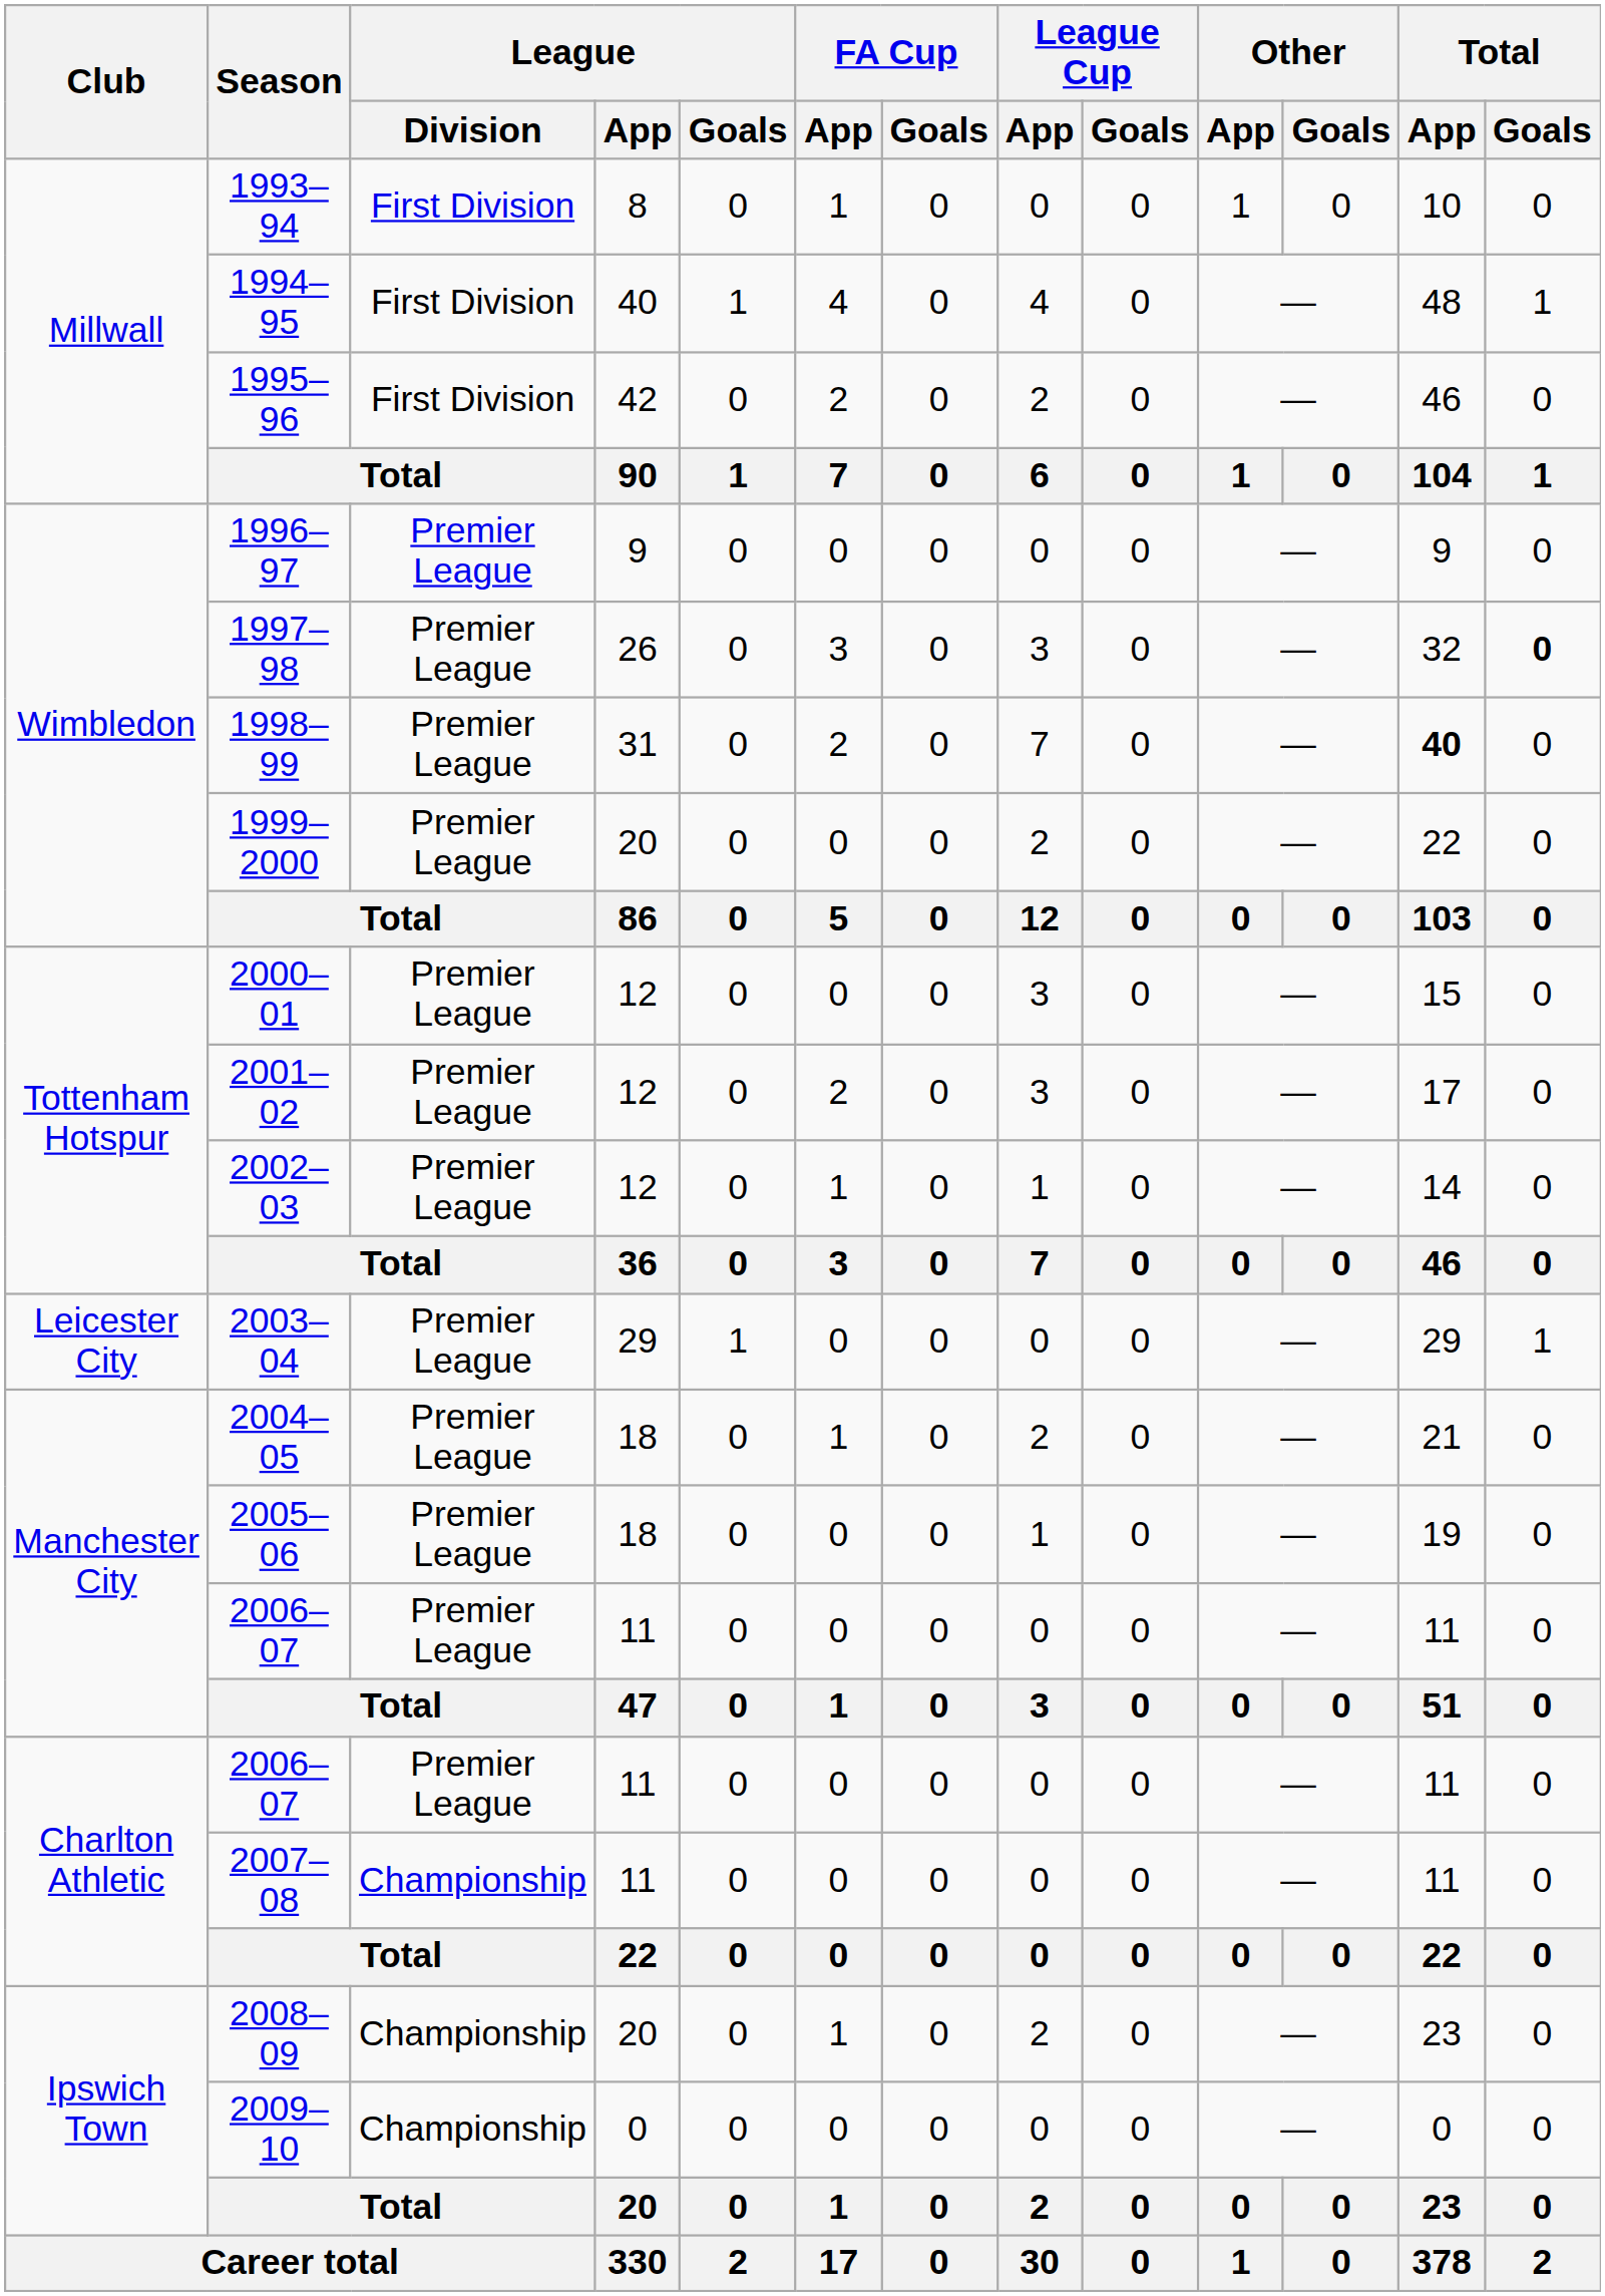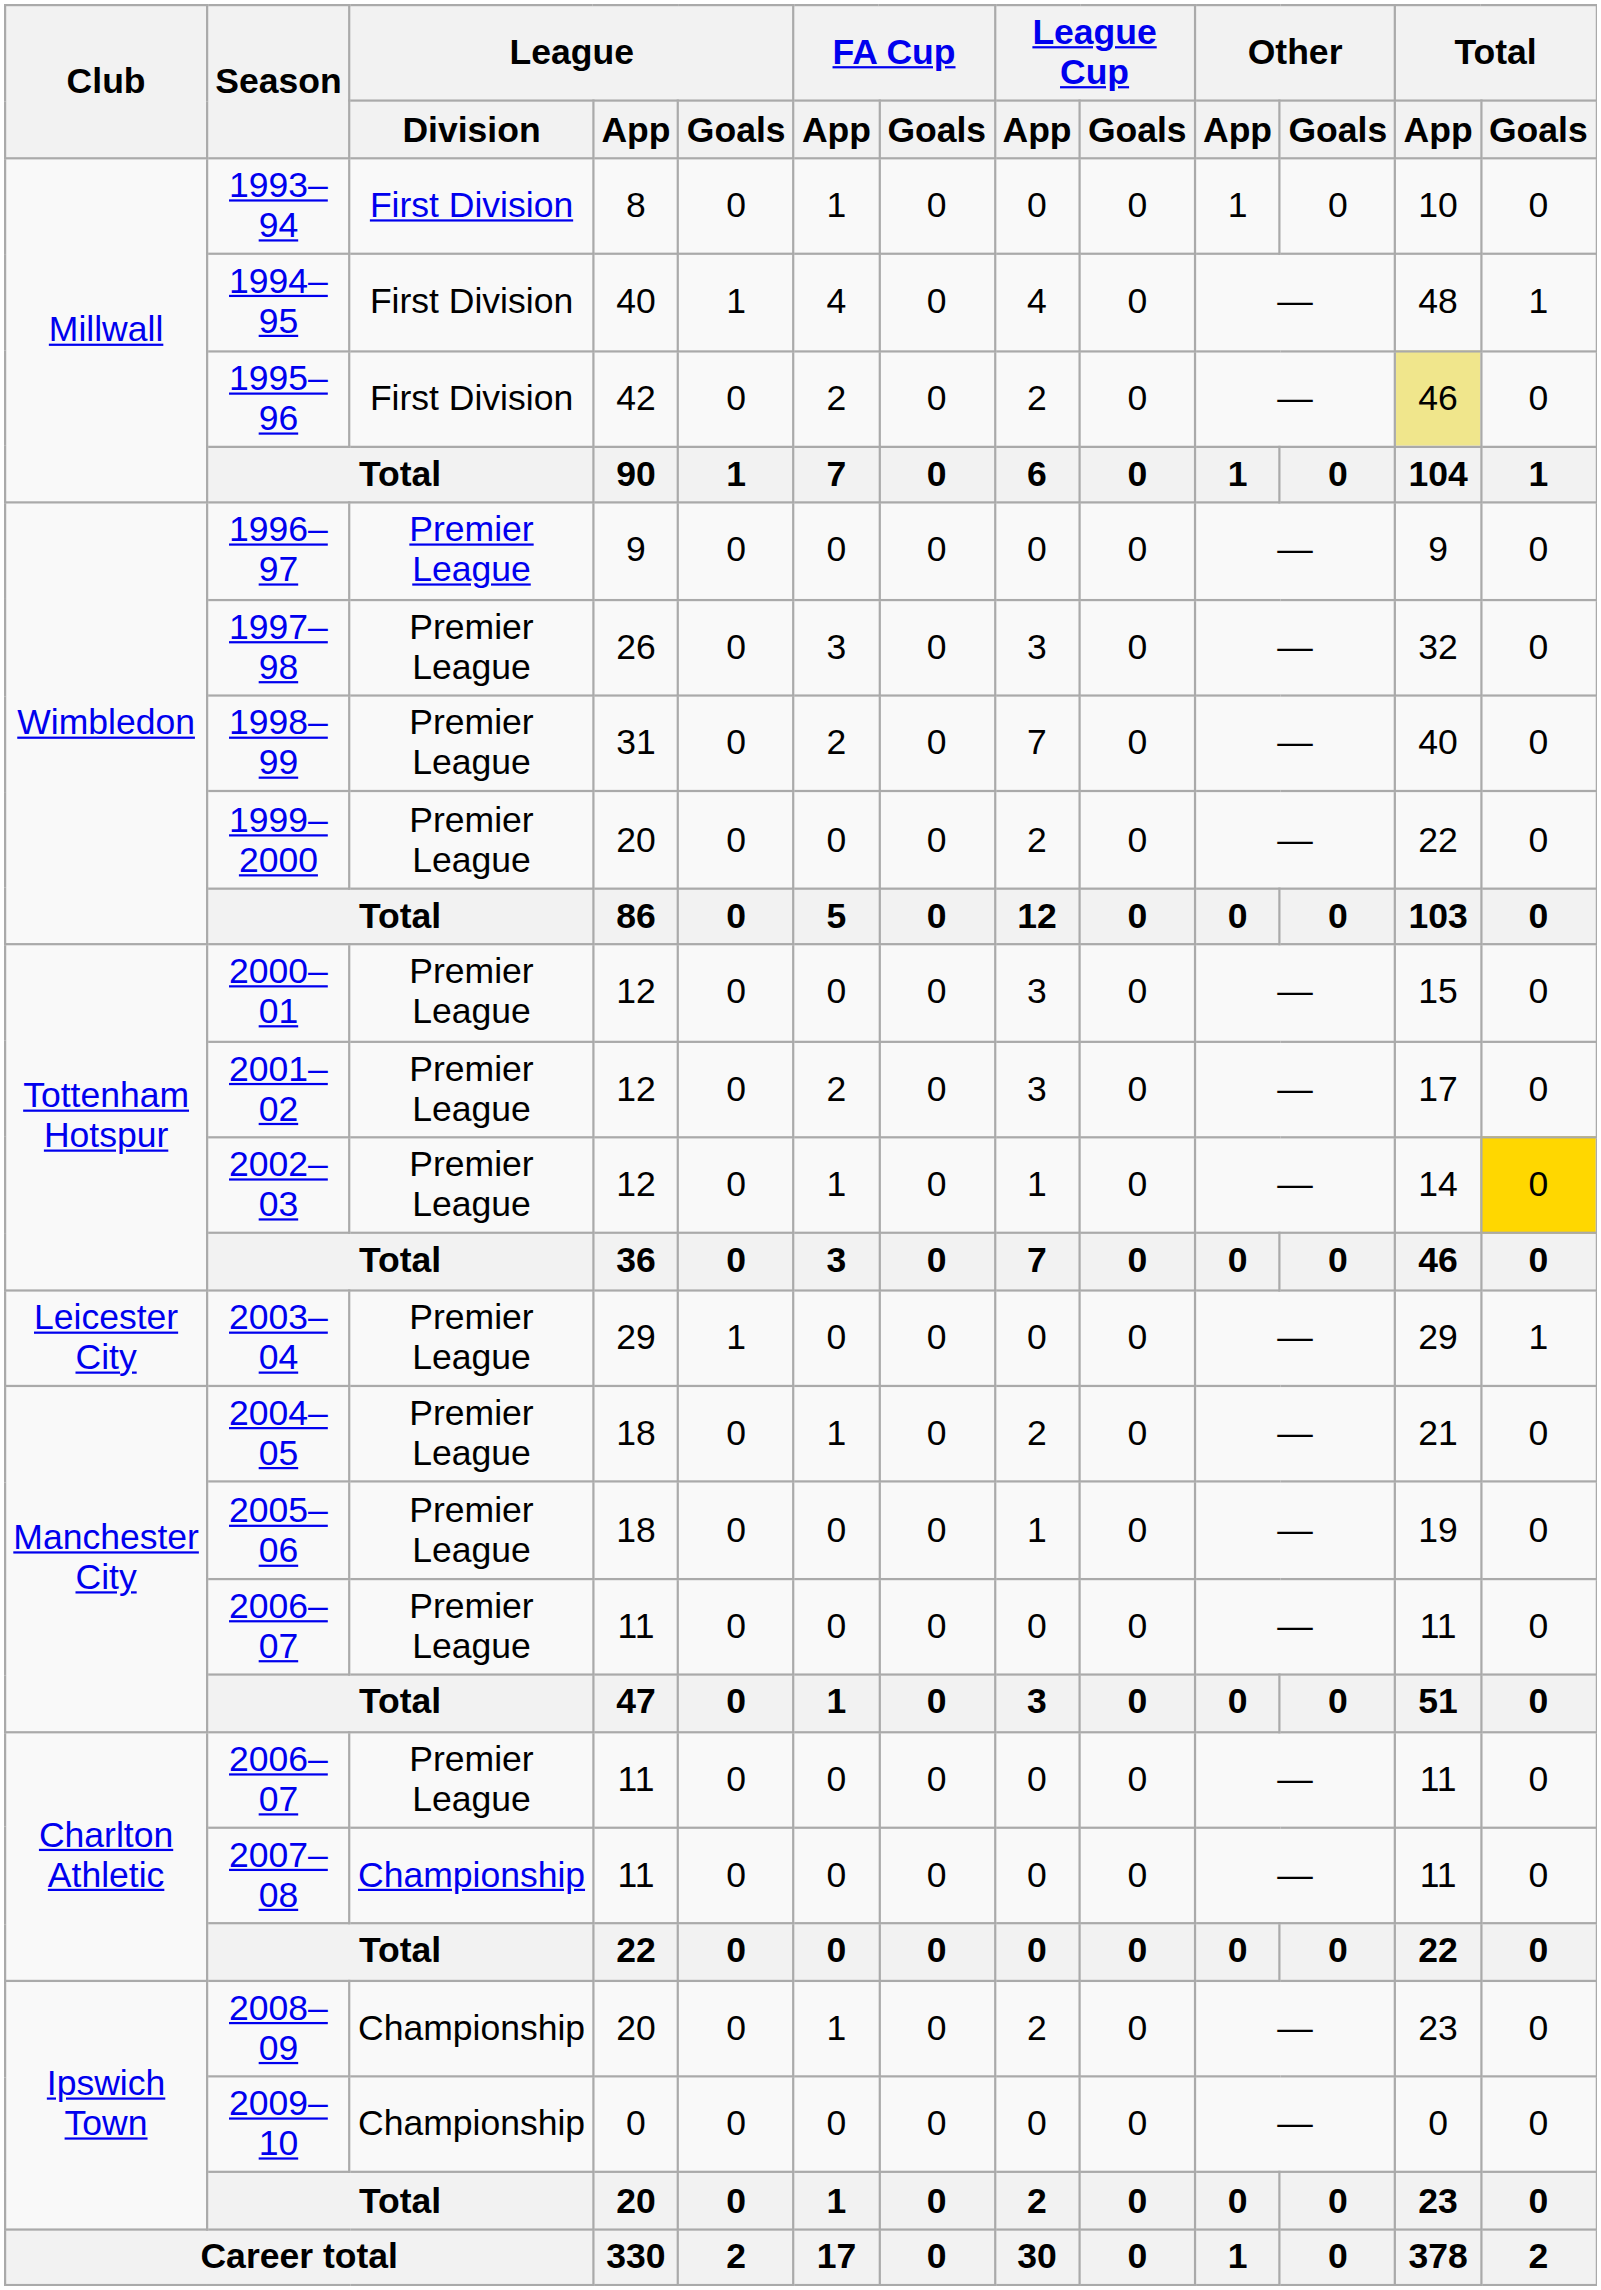 <table class="wikitable" style="text-align:center">
 <tr>
 <th rowspan="2">Club</th>
 <th rowspan="2">Season</th>
 <th colspan="3">League</th>
 <th colspan="2"><a href='#'>FA Cup</a></th>
 <th colspan="2"><a href='#'>League Cup</a></th>
 <th colspan="2">Other</th>
 <th colspan="2">Total</th>
 </tr>
 <tr>
 <th>Division</th>
 <th>App</th>
 <th>Goals</th>
 <th>App</th>
 <th>Goals</th>
 <th>App</th>
 <th>Goals</th>
 <th>App</th>
 <th>Goals</th>
 <th>App</th>
 <th>Goals</th>
 </tr>
 <tr>
 <td rowspan="4"><a href='#'>Millwall</a></td>
 <td><a href='#'>1993–94</a></td>
 <td><a href='#'>First Division</a></td>
 <td>8</td>
 <td>0</td>
 <td>1</td>
 <td>0</td>
 <td>0</td>
 <td>0</td>
 <td>1</td>
 <td>0</td>
 <td>10</td>
 <td>0</td>
 </tr>
 <tr>
 <td><a href='#'>1994–95</a></td>
 <td>First Division</td>
 <td>40</td>
 <td>1</td>
 <td>4</td>
 <td>0</td>
 <td>4</td>
 <td>0</td>
 <td colspan="2">—</td>
 <td>48</td>
 <td>1</td>
 </tr>
 <tr>
 <td><a href='#'>1995–96</a></td>
 <td>First Division</td>
 <td>42</td>
 <td>0</td>
 <td>2</td>
 <td>0</td>
 <td>2</td>
 <td>0</td>
 <td colspan="2">—</td>
-<td>46</td>
+<td style="background: khaki;">46</td>
 <td>0</td>
 </tr>
 <tr>
 <th colspan="2">Total</th>
 <th>90</th>
 <th>1</th>
 <th>7</th>
 <th>0</th>
 <th>6</th>
 <th>0</th>
 <th>1</th>
 <th>0</th>
 <th>104</th>
 <th>1</th>
 </tr>
 <tr>
 <td rowspan="5"><a href='#'>Wimbledon</a></td>
 <td><a href='#'>1996–97</a></td>
 <td><a href='#'>Premier League</a></td>
 <td>9</td>
 <td>0</td>
 <td>0</td>
 <td>0</td>
 <td>0</td>
 <td>0</td>
 <td colspan="2">—</td>
 <td>9</td>
 <td>0</td>
 </tr>
 <tr>
 <td><a href='#'>1997–98</a></td>
 <td>Premier League</td>
 <td>26</td>
 <td>0</td>
 <td>3</td>
 <td>0</td>
 <td>3</td>
 <td>0</td>
 <td colspan="2">—</td>
 <td>32</td>
-<td><strong>0</strong></td>
+<td>0</td>
 </tr>
 <tr>
 <td><a href='#'>1998–99</a></td>
 <td>Premier League</td>
 <td>31</td>
 <td>0</td>
 <td>2</td>
 <td>0</td>
 <td>7</td>
 <td>0</td>
 <td colspan="2">—</td>
-<td><strong>40</strong></td>
+<td>40</td>
 <td>0</td>
 </tr>
 <tr>
 <td><a href='#'>1999–2000</a></td>
 <td>Premier League</td>
 <td>20</td>
 <td>0</td>
 <td>0</td>
 <td>0</td>
 <td>2</td>
 <td>0</td>
 <td colspan="2">—</td>
 <td>22</td>
 <td>0</td>
 </tr>
 <tr>
 <th colspan="2">Total</th>
 <th>86</th>
 <th>0</th>
 <th>5</th>
 <th>0</th>
 <th>12</th>
 <th>0</th>
 <th>0</th>
 <th>0</th>
 <th>103</th>
 <th>0</th>
 </tr>
 <tr>
 <td rowspan="4"><a href='#'>Tottenham Hotspur</a></td>
 <td><a href='#'>2000–01</a></td>
 <td>Premier League</td>
 <td>12</td>
 <td>0</td>
 <td>0</td>
 <td>0</td>
 <td>3</td>
 <td>0</td>
 <td colspan="2">—</td>
 <td>15</td>
 <td>0</td>
 </tr>
 <tr>
 <td><a href='#'>2001–02</a></td>
 <td>Premier League</td>
 <td>12</td>
 <td>0</td>
 <td>2</td>
 <td>0</td>
 <td>3</td>
 <td>0</td>
 <td colspan="2">—</td>
 <td>17</td>
 <td>0</td>
 </tr>
 <tr>
 <td><a href='#'>2002–03</a></td>
 <td>Premier League</td>
 <td>12</td>
 <td>0</td>
 <td>1</td>
 <td>0</td>
 <td>1</td>
 <td>0</td>
 <td colspan="2">—</td>
 <td>14</td>
-<td>0</td>
+<td style="background: gold;">0</td>
 </tr>
 <tr>
 <th colspan="2">Total</th>
 <th>36</th>
 <th>0</th>
 <th>3</th>
 <th>0</th>
 <th>7</th>
 <th>0</th>
 <th>0</th>
 <th>0</th>
 <th>46</th>
 <th>0</th>
 </tr>
 <tr>
 <td><a href='#'>Leicester City</a></td>
 <td><a href='#'>2003–04</a></td>
 <td>Premier League</td>
 <td>29</td>
 <td>1</td>
 <td>0</td>
 <td>0</td>
 <td>0</td>
 <td>0</td>
 <td colspan="2">—</td>
 <td>29</td>
 <td>1</td>
 </tr>
 <tr>
 <td rowspan="4"><a href='#'>Manchester City</a></td>
 <td><a href='#'>2004–05</a></td>
 <td>Premier League</td>
 <td>18</td>
 <td>0</td>
 <td>1</td>
 <td>0</td>
 <td>2</td>
 <td>0</td>
 <td colspan="2">—</td>
 <td>21</td>
 <td>0</td>
 </tr>
 <tr>
 <td><a href='#'>2005–06</a></td>
 <td>Premier League</td>
 <td>18</td>
 <td>0</td>
 <td>0</td>
 <td>0</td>
 <td>1</td>
 <td>0</td>
 <td colspan="2">—</td>
 <td>19</td>
 <td>0</td>
 </tr>
 <tr>
 <td><a href='#'>2006–07</a></td>
 <td>Premier League</td>
 <td>11</td>
 <td>0</td>
 <td>0</td>
 <td>0</td>
 <td>0</td>
 <td>0</td>
 <td colspan="2">—</td>
 <td>11</td>
 <td>0</td>
 </tr>
 <tr>
 <th colspan="2">Total</th>
 <th>47</th>
 <th>0</th>
 <th>1</th>
 <th>0</th>
 <th>3</th>
 <th>0</th>
 <th>0</th>
 <th>0</th>
 <th>51</th>
 <th>0</th>
 </tr>
 <tr>
 <td rowspan="3"><a href='#'>Charlton Athletic</a></td>
 <td><a href='#'>2006–07</a></td>
 <td>Premier League</td>
 <td>11</td>
 <td>0</td>
 <td>0</td>
 <td>0</td>
 <td>0</td>
 <td>0</td>
 <td colspan="2">—</td>
 <td>11</td>
 <td>0</td>
 </tr>
 <tr>
 <td><a href='#'>2007–08</a></td>
 <td><a href='#'>Championship</a></td>
 <td>11</td>
 <td>0</td>
 <td>0</td>
 <td>0</td>
 <td>0</td>
 <td>0</td>
 <td colspan="2">—</td>
 <td>11</td>
 <td>0</td>
 </tr>
 <tr>
 <th colspan="2">Total</th>
 <th>22</th>
 <th>0</th>
 <th>0</th>
 <th>0</th>
 <th>0</th>
 <th>0</th>
 <th>0</th>
 <th>0</th>
 <th>22</th>
 <th>0</th>
 </tr>
 <tr>
 <td rowspan="3"><a href='#'>Ipswich Town</a></td>
 <td><a href='#'>2008–09</a></td>
 <td>Championship</td>
 <td>20</td>
 <td>0</td>
 <td>1</td>
 <td>0</td>
 <td>2</td>
 <td>0</td>
 <td colspan="2">—</td>
 <td>23</td>
 <td>0</td>
 </tr>
 <tr>
 <td><a href='#'>2009–10</a></td>
 <td>Championship</td>
 <td>0</td>
 <td>0</td>
 <td>0</td>
 <td>0</td>
 <td>0</td>
 <td>0</td>
 <td colspan="2">—</td>
 <td>0</td>
 <td>0</td>
 </tr>
 <tr>
 <th colspan="2">Total</th>
 <th>20</th>
 <th>0</th>
 <th>1</th>
 <th>0</th>
 <th>2</th>
 <th>0</th>
 <th>0</th>
 <th>0</th>
 <th>23</th>
 <th>0</th>
 </tr>
 <tr>
 <th colspan="3">Career total</th>
 <th>330</th>
 <th>2</th>
 <th>17</th>
 <th>0</th>
 <th>30</th>
 <th>0</th>
 <th>1</th>
 <th>0</th>
 <th>378</th>
 <th>2</th>
 </tr>
 </table>
